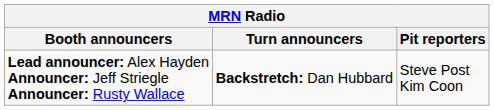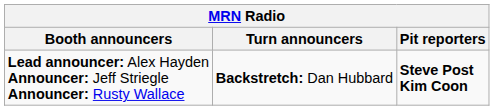 <table class="wikitable" style="font-size: 95%">
 <tr>
 <th colspan="3"><a href='#'>MRN</a> Radio</th>
 </tr>
 <tr>
 <th>Booth announcers</th>
 <th>Turn announcers</th>
 <th>Pit reporters</th>
 </tr>
 <tr>
 <td><strong>Lead announcer:</strong> Alex Hayden<br><strong>Announcer:</strong> Jeff Striegle<br><strong>Announcer:</strong> <a href='#'>Rusty Wallace</a></td>
 <td><strong>Backstretch:</strong> Dan Hubbard</td>
-<td>Steve Post<br>Kim Coon</td>
+<td><strong>Steve Post<br>Kim Coon</strong></td>
 </tr>
 </table>
